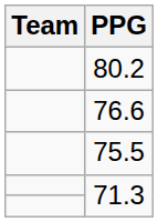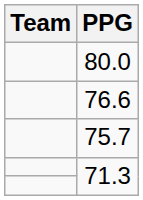 <table class=wikitable>
 <tr>
 <th>Team</th>
 <th>PPG</th>
 </tr>
 <tr>
 <td></td>
-<td align=center>80.2</td>
+<td align=center>80.0</td>
 </tr>
 <tr>
 <td></td>
 <td align=center>76.6</td>
 </tr>
 <tr>
 <td></td>
-<td align=center>75.5</td>
+<td align=center>75.7</td>
 </tr>
 <tr>
 <td></td>
 <td align=center rowspan=2>71.3</td>
 </tr>
 <tr>
 <td></td>
 </tr>
 </table>
